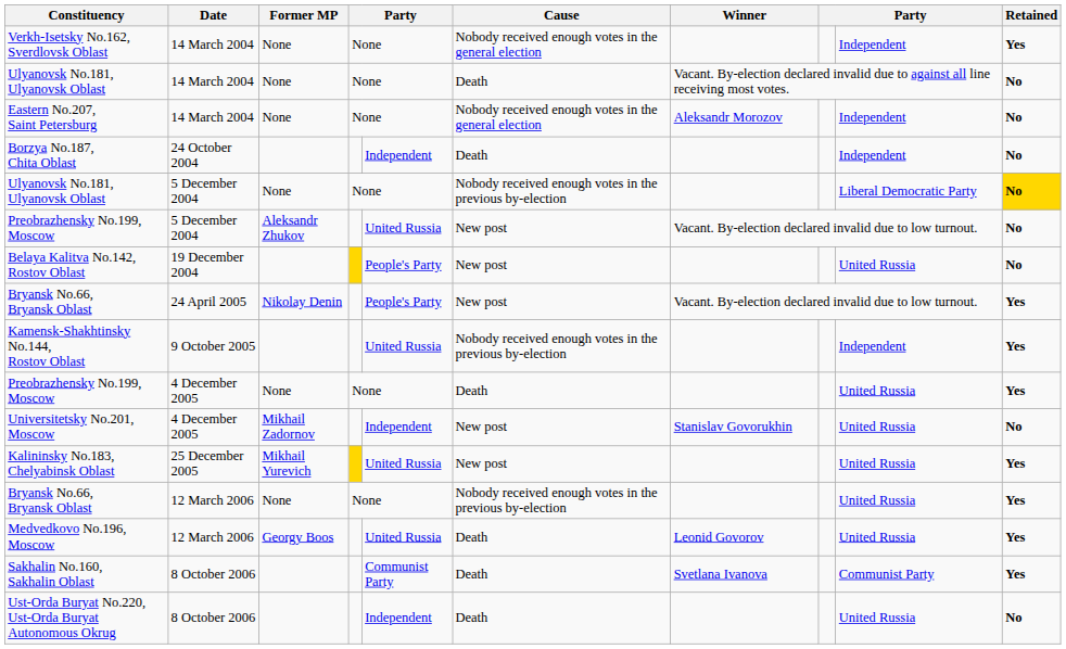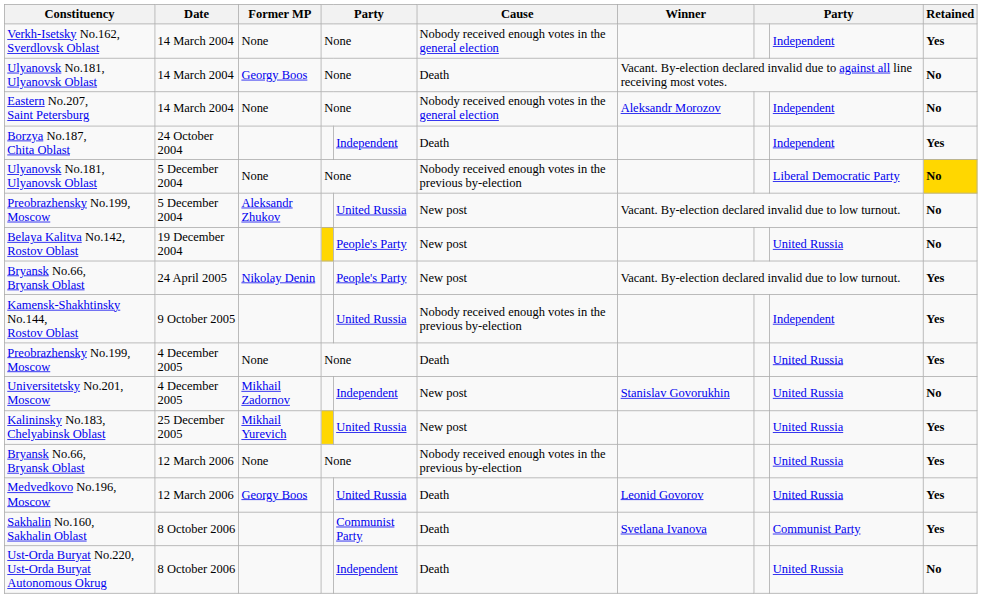 <table class="wikitable">
 <tr>
 <th>Constituency</th>
 <th>Date</th>
 <th>Former MP</th>
 <th colspan=2>Party</th>
 <th>Cause</th>
 <th>Winner</th>
 <th colspan=2>Party</th>
 <th>Retained</th>
 </tr>
 <tr>
 <td><a href='#'>Verkh-Isetsky</a> No.162,<br><a href='#'>Sverdlovsk Oblast</a></td>
 <td>14 March 2004</td>
 <td>None</td>
 <td colspan=2>None</td>
 <td>Nobody received enough votes in the <a href='#'>general election</a></td>
 <td></td>
 <td style="background-color:">  </td>
 <td><a href='#'>Independent</a></td>
 <td><strong>Yes</strong></td>
 </tr>
 <tr>
 <td><a href='#'>Ulyanovsk</a> No.181,<br><a href='#'>Ulyanovsk Oblast</a></td>
 <td>14 March 2004</td>
-<td>None</td>
+<td><a href='#'>Georgy Boos</a></td>
 <td colspan=2>None</td>
 <td>Death</td>
 <td colspan=3>Vacant. By-election declared invalid due to <a href='#'>against all</a> line receiving most votes.</td>
 <td><strong>No</strong></td>
 </tr>
 <tr>
 <td><a href='#'>Eastern</a> No.207,<br><a href='#'>Saint Petersburg</a></td>
 <td>14 March 2004</td>
 <td>None</td>
 <td colspan=2>None</td>
 <td>Nobody received enough votes in the <a href='#'>general election</a></td>
 <td><a href='#'>Aleksandr Morozov</a></td>
 <td style="background-color:">  </td>
 <td><a href='#'>Independent</a></td>
 <td><strong>No</strong></td>
 </tr>
 <tr>
 <td><a href='#'>Borzya</a> No.187,<br><a href='#'>Chita Oblast</a></td>
 <td>24 October 2004</td>
 <td></td>
 <td style="background-color:">  </td>
 <td><a href='#'>Independent</a></td>
 <td>Death</td>
 <td></td>
 <td style="background-color:">  </td>
 <td><a href='#'>Independent</a></td>
-<td><strong>No</strong></td>
+<td><strong>Yes</strong></td>
 </tr>
 <tr>
 <td><a href='#'>Ulyanovsk</a> No.181,<br><a href='#'>Ulyanovsk Oblast</a></td>
 <td>5 December 2004</td>
 <td>None</td>
 <td colspan=2>None</td>
 <td>Nobody received enough votes in the previous by-election</td>
 <td></td>
 <td style="background-color:">  </td>
 <td><a href='#'>Liberal Democratic Party</a></td>
 <td style="background: gold;"><strong>No</strong></td>
 </tr>
 <tr>
 <td><a href='#'>Preobrazhensky</a> No.199,<br><a href='#'>Moscow</a></td>
 <td>5 December 2004</td>
 <td><a href='#'>Aleksandr Zhukov</a></td>
 <td style="background-color:">  </td>
 <td><a href='#'>United Russia</a></td>
 <td>New post</td>
 <td colspan=3>Vacant. By-election declared invalid due to low turnout.</td>
 <td><strong>No</strong></td>
 </tr>
 <tr>
 <td><a href='#'>Belaya Kalitva</a> No.142,<br><a href='#'>Rostov Oblast</a></td>
 <td>19 December 2004</td>
 <td></td>
 <td style="background-color:#FFD700">  </td>
 <td><a href='#'>People's Party</a></td>
 <td>New post</td>
 <td></td>
 <td style="background-color:">  </td>
 <td><a href='#'>United Russia</a></td>
 <td><strong>No</strong></td>
 </tr>
 <tr>
 <td><a href='#'>Bryansk</a> No.66,<br><a href='#'>Bryansk Oblast</a></td>
 <td>24 April 2005</td>
 <td><a href='#'>Nikolay Denin</a></td>
 <td style="background-color:">  </td>
 <td><a href='#'>People's Party</a></td>
 <td>New post</td>
 <td colspan=3>Vacant. By-election declared invalid due to low turnout.</td>
 <td><strong>Yes</strong></td>
 </tr>
 <tr>
 <td><a href='#'>Kamensk-Shakhtinsky</a> No.144,<br><a href='#'>Rostov Oblast</a></td>
 <td>9 October 2005</td>
 <td></td>
 <td style="background-color:">  </td>
 <td><a href='#'>United Russia</a></td>
 <td>Nobody received enough votes in the previous by-election</td>
 <td></td>
 <td style="background-color:">  </td>
 <td><a href='#'>Independent</a></td>
 <td><strong>Yes</strong></td>
 </tr>
 <tr>
 <td><a href='#'>Preobrazhensky</a> No.199,<br><a href='#'>Moscow</a></td>
 <td>4 December 2005</td>
 <td>None</td>
 <td colspan=2>None</td>
 <td>Death</td>
 <td></td>
 <td style="background-color:">  </td>
 <td><a href='#'>United Russia</a></td>
 <td><strong>Yes</strong></td>
 </tr>
 <tr>
 <td><a href='#'>Universitetsky</a> No.201,<br><a href='#'>Moscow</a></td>
 <td>4 December 2005</td>
 <td><a href='#'>Mikhail Zadornov</a></td>
 <td style="background-color:">  </td>
 <td><a href='#'>Independent</a></td>
 <td>New post</td>
 <td><a href='#'>Stanislav Govorukhin</a></td>
 <td style="background-color:">  </td>
 <td><a href='#'>United Russia</a></td>
 <td><strong>No</strong></td>
 </tr>
 <tr>
 <td><a href='#'>Kalininsky</a> No.183,<br><a href='#'>Chelyabinsk Oblast</a></td>
 <td>25 December 2005</td>
 <td><a href='#'>Mikhail Yurevich</a></td>
 <td style="background-color:#FFD700">  </td>
 <td><a href='#'>United Russia</a></td>
 <td>New post</td>
 <td></td>
 <td style="background-color:">  </td>
 <td><a href='#'>United Russia</a></td>
 <td><strong>Yes</strong></td>
 </tr>
 <tr>
 <td><a href='#'>Bryansk</a> No.66,<br><a href='#'>Bryansk Oblast</a></td>
 <td>12 March 2006</td>
 <td>None</td>
 <td colspan=2>None</td>
 <td>Nobody received enough votes in the previous by-election</td>
 <td></td>
 <td style="background-color:">  </td>
 <td><a href='#'>United Russia</a></td>
 <td><strong>Yes</strong></td>
 </tr>
 <tr>
 <td><a href='#'>Medvedkovo</a> No.196,<br><a href='#'>Moscow</a></td>
 <td>12 March 2006</td>
 <td><a href='#'>Georgy Boos</a></td>
 <td style="background-color:">  </td>
 <td><a href='#'>United Russia</a></td>
 <td>Death</td>
 <td><a href='#'>Leonid Govorov</a></td>
 <td style="background-color:">  </td>
 <td><a href='#'>United Russia</a></td>
 <td><strong>Yes</strong></td>
 </tr>
 <tr>
 <td><a href='#'>Sakhalin</a> No.160,<br><a href='#'>Sakhalin Oblast</a></td>
 <td>8 October 2006</td>
 <td></td>
 <td style="background-color:">  </td>
 <td><a href='#'>Communist Party</a></td>
 <td>Death</td>
 <td><a href='#'>Svetlana Ivanova</a></td>
 <td style="background-color:">  </td>
 <td><a href='#'>Communist Party</a></td>
 <td><strong>Yes</strong></td>
 </tr>
 <tr>
 <td><a href='#'>Ust-Orda Buryat</a> No.220,<br><a href='#'>Ust-Orda Buryat Autonomous Okrug</a></td>
 <td>8 October 2006</td>
 <td></td>
 <td style="background-color:">  </td>
 <td><a href='#'>Independent</a></td>
 <td>Death</td>
 <td></td>
 <td style="background-color:">  </td>
 <td><a href='#'>United Russia</a></td>
 <td><strong>No</strong></td>
 </tr>
 </table>
